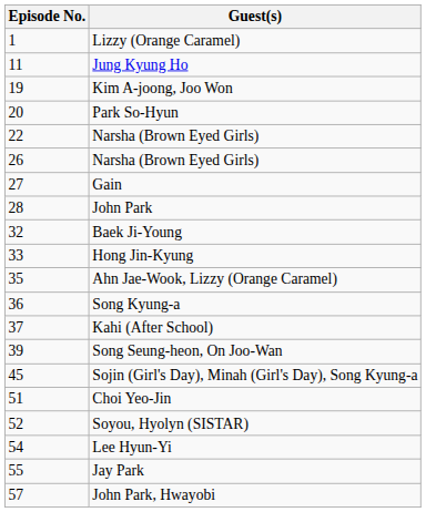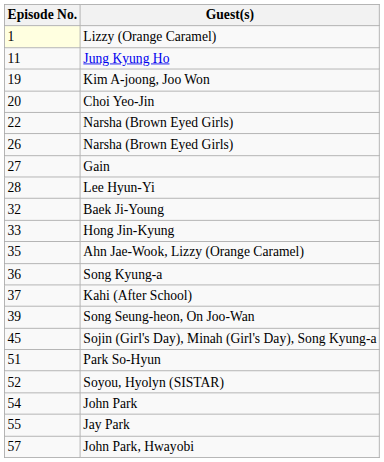 <table class="wikitable">
 <tr>
 <th>Episode No.</th>
 <th>Guest(s)</th>
 </tr>
 <tr>
-<td>1</td>
+<td style="background: lightyellow;">1</td>
 <td>Lizzy (Orange Caramel)</td>
 </tr>
 <tr>
 <td>11</td>
 <td><a href='#'>Jung Kyung Ho</a></td>
 </tr>
 <tr>
 <td>19</td>
 <td>Kim A-joong, Joo Won</td>
 </tr>
 <tr>
 <td>20</td>
-<td>Park So-Hyun</td>
+<td>Choi Yeo-Jin</td>
 </tr>
 <tr>
 <td>22</td>
 <td>Narsha (Brown Eyed Girls)</td>
 </tr>
 <tr>
 <td>26</td>
 <td>Narsha (Brown Eyed Girls)</td>
 </tr>
 <tr>
 <td>27</td>
 <td>Gain</td>
 </tr>
 <tr>
 <td>28</td>
-<td>John Park</td>
+<td>Lee Hyun-Yi</td>
 </tr>
 <tr>
 <td>32</td>
 <td>Baek Ji-Young</td>
 </tr>
 <tr>
 <td>33</td>
 <td>Hong Jin-Kyung</td>
 </tr>
 <tr>
 <td>35</td>
 <td>Ahn Jae-Wook, Lizzy (Orange Caramel)</td>
 </tr>
 <tr>
 <td>36</td>
 <td>Song Kyung-a</td>
 </tr>
 <tr>
 <td>37</td>
 <td>Kahi (After School)</td>
 </tr>
 <tr>
 <td>39</td>
 <td>Song Seung-heon, On Joo-Wan</td>
 </tr>
 <tr>
 <td>45</td>
 <td>Sojin (Girl's Day), Minah (Girl's Day), Song Kyung-a</td>
 </tr>
 <tr>
 <td>51</td>
-<td>Choi Yeo-Jin</td>
+<td>Park So-Hyun</td>
 </tr>
 <tr>
 <td>52</td>
 <td>Soyou, Hyolyn (SISTAR)</td>
 </tr>
 <tr>
 <td>54</td>
-<td>Lee Hyun-Yi</td>
+<td>John Park</td>
 </tr>
 <tr>
 <td>55</td>
 <td>Jay Park</td>
 </tr>
 <tr>
 <td>57</td>
 <td>John Park, Hwayobi</td>
 </tr>
 </table>
